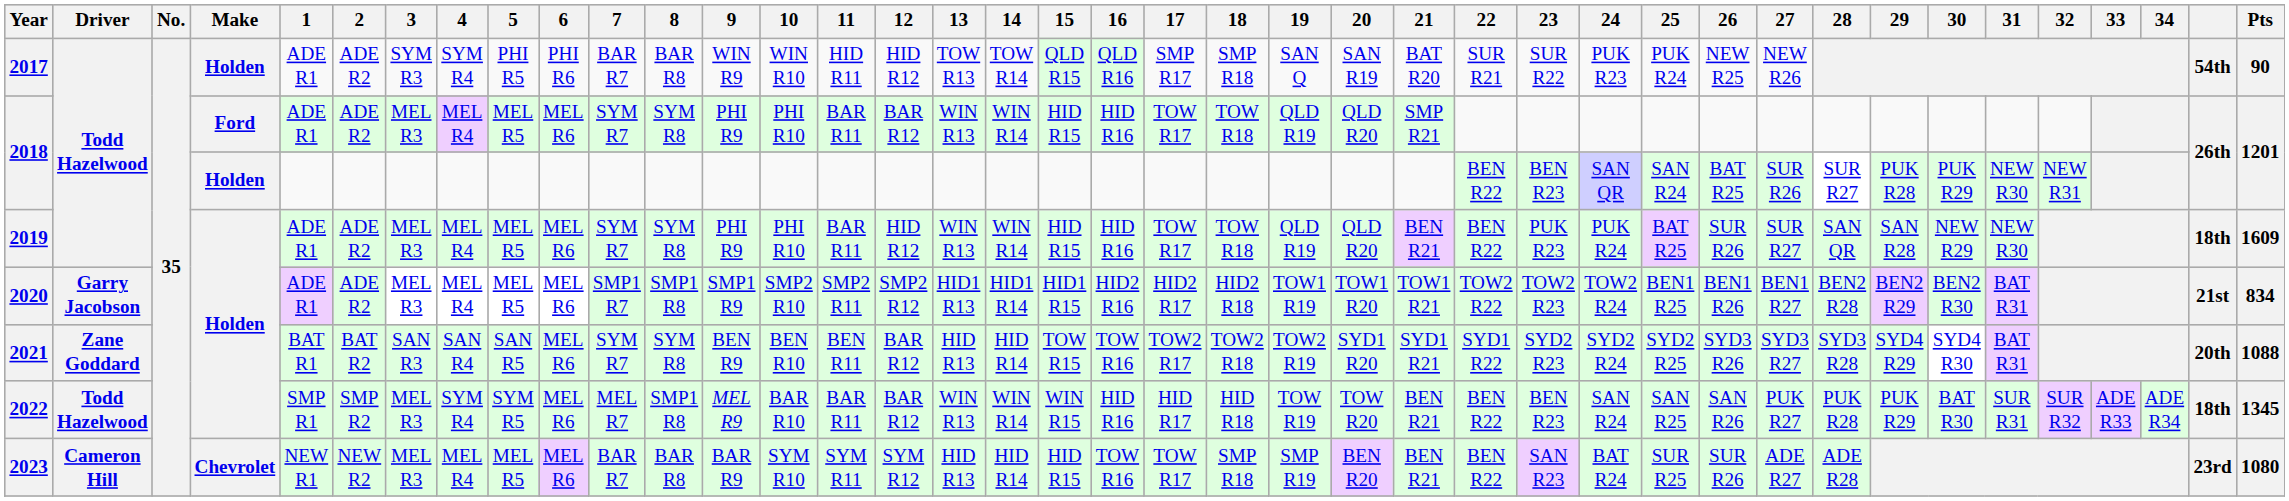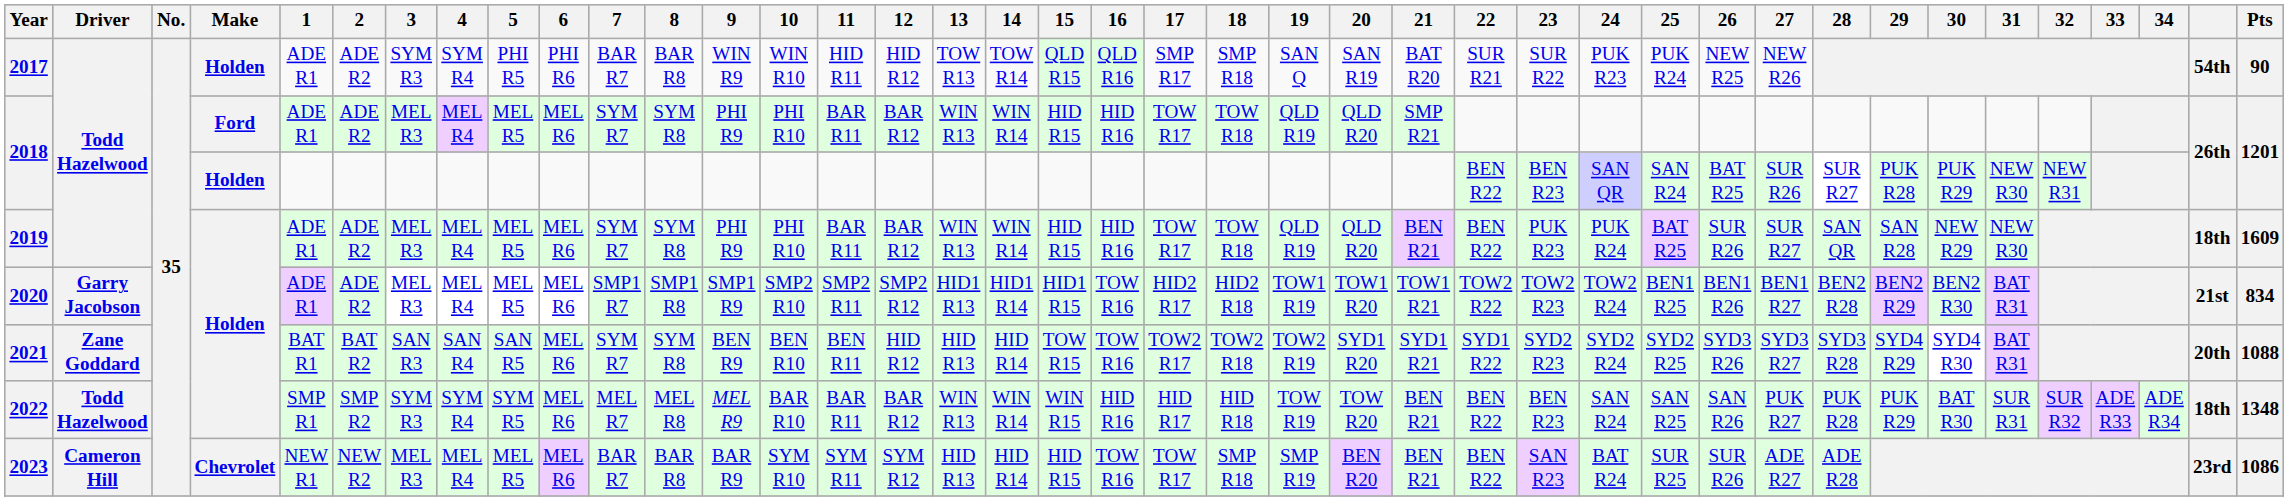 <table class="wikitable mw-collapsible mw-collapsed" style="text-align:center; font-size:75%">
 <tr>
 <th>Year</th>
 <th>Driver</th>
 <th>No.</th>
 <th>Make</th>
 <th>1</th>
 <th>2</th>
 <th>3</th>
 <th>4</th>
 <th>5</th>
 <th>6</th>
 <th>7</th>
 <th>8</th>
 <th>9</th>
 <th>10</th>
 <th>11</th>
 <th>12</th>
 <th>13</th>
 <th>14</th>
 <th>15</th>
 <th>16</th>
 <th>17</th>
 <th>18</th>
 <th>19</th>
 <th>20</th>
 <th>21</th>
 <th>22</th>
 <th>23</th>
 <th>24</th>
 <th>25</th>
 <th>26</th>
 <th>27</th>
 <th>28</th>
 <th>29</th>
 <th>30</th>
 <th>31</th>
 <th>32</th>
 <th>33</th>
 <th>34</th>
 <th></th>
 <th>Pts</th>
 </tr>
 <tr>
 <th><a href='#'>2017</a></th>
 <th rowspan=4><a href='#'>Todd Hazelwood</a></th>
 <th rowspan=8>35</th>
 <th><a href='#'>Holden</a></th>
 <td><a href='#'>ADE<br>R1</a></td>
 <td><a href='#'>ADE<br>R2</a></td>
 <td><a href='#'>SYM<br>R3</a></td>
 <td><a href='#'>SYM<br>R4</a></td>
 <td><a href='#'>PHI<br>R5</a></td>
 <td><a href='#'>PHI<br>R6</a></td>
 <td><a href='#'>BAR<br>R7</a></td>
 <td><a href='#'>BAR<br>R8</a></td>
 <td><a href='#'>WIN<br>R9</a><br></td>
 <td><a href='#'>WIN<br>R10</a><br></td>
 <td><a href='#'>HID<br>R11</a></td>
 <td><a href='#'>HID<br>R12</a></td>
 <td><a href='#'>TOW<br>R13</a></td>
 <td><a href='#'>TOW<br>R14</a></td>
 <td style="background: #dfffdf"><a href='#'>QLD<br>R15</a><br></td>
 <td style="background: #dfffdf"><a href='#'>QLD<br>R16</a><br></td>
 <td><a href='#'>SMP<br>R17</a></td>
 <td><a href='#'>SMP<br>R18</a></td>
 <td><a href='#'>SAN<br>Q</a><br></td>
 <td><a href='#'>SAN<br>R19</a><br></td>
 <td><a href='#'>BAT<br>R20</a><br></td>
 <td><a href='#'>SUR<br>R21</a><br></td>
 <td><a href='#'>SUR<br>R22</a><br></td>
 <td><a href='#'>PUK<br>R23</a></td>
 <td><a href='#'>PUK<br>R24</a></td>
 <td><a href='#'>NEW<br>R25</a></td>
 <td><a href='#'>NEW<br>R26</a></td>
 <th colspan=7></th>
 <th>54th</th>
 <th>90</th>
 </tr>
 <tr>
 <th rowspan=2><a href='#'>2018</a></th>
 <th rowspan=1><a href='#'>Ford</a></th>
 <td style="background: #dfffdf"><a href='#'>ADE<br>R1</a><br></td>
 <td style="background: #dfffdf"><a href='#'>ADE<br>R2</a><br></td>
 <td style="background: #dfffdf"><a href='#'>MEL<br>R3</a><br></td>
 <td style="background: #efcfff"><a href='#'>MEL<br>R4</a><br></td>
 <td style="background: #dfffdf"><a href='#'>MEL<br>R5</a><br></td>
 <td style="background: #dfffdf"><a href='#'>MEL<br>R6</a><br></td>
 <td style="background: #dfffdf"><a href='#'>SYM<br>R7</a><br></td>
 <td style="background: #dfffdf"><a href='#'>SYM<br>R8</a><br></td>
 <td style="background: #dfffdf"><a href='#'>PHI<br>R9</a><br></td>
 <td style="background: #dfffdf"><a href='#'>PHI<br>R10</a><br></td>
 <td style="background: #dfffdf"><a href='#'>BAR<br>R11</a><br></td>
 <td style="background: #dfffdf"><a href='#'>BAR<br>R12</a><br></td>
 <td style="background: #dfffdf"><a href='#'>WIN<br>R13</a><br></td>
 <td style="background: #dfffdf"><a href='#'>WIN<br>R14</a><br></td>
 <td style="background: #dfffdf"><a href='#'>HID<br>R15</a><br></td>
 <td style="background: #dfffdf"><a href='#'>HID<br>R16</a><br></td>
 <td style="background: #dfffdf"><a href='#'>TOW<br>R17</a><br></td>
 <td style="background: #dfffdf"><a href='#'>TOW<br>R18</a><br></td>
 <td style="background: #dfffdf"><a href='#'>QLD<br>R19</a><br></td>
 <td style="background: #dfffdf"><a href='#'>QLD<br>R20</a><br></td>
 <td style="background: #dfffdf"><a href='#'>SMP<br>R21</a><br></td>
 <td></td>
 <td></td>
 <td></td>
 <td></td>
 <td></td>
 <td></td>
 <td></td>
 <td></td>
 <td></td>
 <td></td>
 <td></td>
 <th colspan=2></th>
 <th rowspan=2>26th</th>
 <th rowspan=2>1201</th>
 </tr>
 <tr>
 <th rowspan=1><a href='#'>Holden</a></th>
 <td></td>
 <td></td>
 <td></td>
 <td></td>
 <td></td>
 <td></td>
 <td></td>
 <td></td>
 <td></td>
 <td></td>
 <td></td>
 <td></td>
 <td></td>
 <td></td>
 <td></td>
 <td></td>
 <td></td>
 <td></td>
 <td></td>
 <td></td>
 <td></td>
 <td style="background: #dfffdf"><a href='#'>BEN<br>R22</a><br></td>
 <td style="background: #dfffdf"><a href='#'>BEN<br>R23</a><br></td>
 <td style="background: #cfcfff"><a href='#'>SAN<br>QR</a><br></td>
 <td style="background: #dfffdf"><a href='#'>SAN<br>R24</a><br></td>
 <td style="background: #dfffdf"><a href='#'>BAT<br>R25</a><br></td>
 <td style="background: #dfffdf"><a href='#'>SUR<br>R26</a><br></td>
 <td style="background: #ffffff"><a href='#'>SUR<br>R27</a><br></td>
 <td style="background: #dfffdf"><a href='#'>PUK<br>R28</a><br></td>
 <td style="background: #dfffdf"><a href='#'>PUK<br>R29</a><br></td>
 <td style="background: #dfffdf"><a href='#'>NEW<br>R30</a><br></td>
 <td style="background: #dfffdf"><a href='#'>NEW<br>R31</a><br></td>
 <th colspan=3></th>
 </tr>
 <tr>
 <th><a href='#'>2019</a></th>
 <th rowspan=4><a href='#'>Holden</a></th>
 <td style="background: #dfffdf"><a href='#'>ADE<br>R1</a><br></td>
 <td style="background: #dfffdf"><a href='#'>ADE<br>R2</a><br></td>
 <td style="background: #dfffdf"><a href='#'>MEL<br>R3</a><br></td>
 <td style="background: #dfffdf"><a href='#'>MEL<br>R4</a><br></td>
 <td style="background: #dfffdf"><a href='#'>MEL<br>R5</a><br></td>
 <td style="background: #dfffdf"><a href='#'>MEL<br>R6</a><br></td>
 <td style="background: #dfffdf"><a href='#'>SYM<br>R7</a><br></td>
 <td style="background: #dfffdf"><a href='#'>SYM<br>R8</a><br></td>
 <td style="background: #dfffdf"><a href='#'>PHI<br>R9</a><br></td>
 <td style="background: #dfffdf"><a href='#'>PHI<br>R10</a><br></td>
 <td style="background: #dfffdf"><a href='#'>BAR<br>R11</a><br></td>
-<td style="background: #dfffdf"><a href='#'>HID<br>R12</a><br></td>
+<td style="background: #dfffdf"><a href='#'>BAR<br>R12</a><br></td>
 <td style="background: #dfffdf"><a href='#'>WIN<br>R13</a><br></td>
 <td style="background: #dfffdf"><a href='#'>WIN<br>R14</a><br></td>
 <td style="background: #dfffdf"><a href='#'>HID<br>R15</a><br></td>
 <td style="background: #dfffdf"><a href='#'>HID<br>R16</a><br></td>
 <td style="background: #dfffdf"><a href='#'>TOW<br>R17</a><br></td>
 <td style="background: #dfffdf"><a href='#'>TOW<br>R18</a><br></td>
 <td style="background: #dfffdf"><a href='#'>QLD<br>R19</a><br></td>
 <td style="background: #dfffdf"><a href='#'>QLD<br>R20</a><br></td>
 <td style="background: #efcfff"><a href='#'>BEN<br>R21</a><br></td>
 <td style="background: #dfffdf"><a href='#'>BEN<br>R22</a><br></td>
 <td style="background: #dfffdf"><a href='#'>PUK<br>R23</a><br></td>
 <td style="background: #dfffdf"><a href='#'>PUK<br>R24</a><br></td>
 <td style="background: #efcfff"><a href='#'>BAT<br>R25</a><br></td>
 <td style="background: #dfffdf"><a href='#'>SUR<br>R26</a><br></td>
 <td style="background: #dfffdf"><a href='#'>SUR<br>R27</a><br></td>
 <td style="background: #dfffdf"><a href='#'>SAN<br>QR</a><br></td>
 <td style="background: #dfffdf"><a href='#'>SAN<br>R28</a><br></td>
 <td style="background: #dfffdf"><a href='#'>NEW<br>R29</a><br></td>
 <td style="background: #dfffdf"><a href='#'>NEW<br>R30</a><br></td>
 <th colspan=3></th>
 <th>18th</th>
 <th>1609</th>
 </tr>
 <tr>
 <th><a href='#'>2020</a></th>
 <th><a href='#'>Garry Jacobson</a></th>
 <td style="background: #efcfff"><a href='#'>ADE<br>R1</a><br></td>
 <td style="background: #dfffdf"><a href='#'>ADE<br>R2</a><br></td>
 <td style="background: #ffffff"><a href='#'>MEL<br>R3</a><br></td>
 <td style="background: #ffffff"><a href='#'>MEL<br>R4</a><br></td>
 <td style="background: #ffffff"><a href='#'>MEL<br>R5</a><br></td>
 <td style="background: #ffffff"><a href='#'>MEL<br>R6</a><br></td>
 <td style="background: #dfffdf"><a href='#'>SMP1<br>R7</a><br></td>
 <td style="background: #dfffdf"><a href='#'>SMP1<br>R8</a><br></td>
 <td style="background: #dfffdf"><a href='#'>SMP1<br>R9</a><br></td>
 <td style="background: #dfffdf"><a href='#'>SMP2<br>R10</a><br></td>
 <td style="background: #dfffdf"><a href='#'>SMP2<br>R11</a><br></td>
 <td style="background: #dfffdf"><a href='#'>SMP2<br>R12</a><br></td>
 <td style="background: #dfffdf"><a href='#'>HID1<br>R13</a><br></td>
 <td style="background: #dfffdf"><a href='#'>HID1<br>R14</a><br></td>
 <td style="background: #dfffdf"><a href='#'>HID1<br>R15</a><br></td>
-<td style="background: #dfffdf"><a href='#'>HID2<br>R16</a><br></td>
+<td style="background: #dfffdf"><a href='#'>TOW<br>R16</a><br></td>
 <td style="background: #dfffdf"><a href='#'>HID2<br>R17</a><br></td>
 <td style="background: #dfffdf"><a href='#'>HID2<br>R18</a><br></td>
 <td style="background: #dfffdf"><a href='#'>TOW1<br>R19</a><br></td>
 <td style="background: #dfffdf"><a href='#'>TOW1<br>R20</a><br></td>
 <td style="background: #dfffdf"><a href='#'>TOW1<br>R21</a><br></td>
 <td style="background: #dfffdf"><a href='#'>TOW2<br>R22</a><br></td>
 <td style="background: #dfffdf"><a href='#'>TOW2<br>R23</a><br></td>
 <td style="background: #dfffdf"><a href='#'>TOW2<br>R24</a><br></td>
 <td style="background: #dfffdf"><a href='#'>BEN1<br>R25</a><br></td>
 <td style="background: #dfffdf"><a href='#'>BEN1<br>R26</a><br></td>
 <td style="background: #dfffdf"><a href='#'>BEN1<br>R27</a><br></td>
 <td style="background: #dfffdf"><a href='#'>BEN2<br>R28</a><br></td>
 <td style="background: #efcfff"><a href='#'>BEN2<br>R29</a><br></td>
 <td style="background: #dfffdf"><a href='#'>BEN2<br>R30</a><br></td>
 <td style="background: #efcfff"><a href='#'>BAT<br>R31</a><br></td>
 <th colspan=3></th>
 <th>21st</th>
 <th>834</th>
 </tr>
 <tr>
 <th><a href='#'>2021</a></th>
 <th><a href='#'>Zane Goddard</a></th>
 <td style="background: #dfffdf"><a href='#'>BAT<br>R1</a><br></td>
 <td style="background: #dfffdf"><a href='#'>BAT<br>R2</a><br></td>
 <td style="background: #dfffdf"><a href='#'>SAN<br>R3</a><br></td>
 <td style="background: #dfffdf"><a href='#'>SAN<br>R4</a><br></td>
 <td style="background: #dfffdf"><a href='#'>SAN<br>R5</a><br></td>
 <td style="background: #dfffdf"><a href='#'>MEL<br>R6</a><br></td>
 <td style="background: #dfffdf"><a href='#'>SYM<br>R7</a><br></td>
 <td style="background: #dfffdf"><a href='#'>SYM<br>R8</a><br></td>
 <td style="background: #dfffdf"><a href='#'>BEN<br>R9</a><br></td>
 <td style="background: #dfffdf"><a href='#'>BEN<br>R10</a><br></td>
 <td style="background: #dfffdf"><a href='#'>BEN<br>R11</a><br></td>
-<td style="background: #dfffdf"><a href='#'>BAR<br>R12</a><br></td>
+<td style="background: #dfffdf"><a href='#'>HID<br>R12</a><br></td>
 <td style="background: #dfffdf"><a href='#'>HID<br>R13</a><br></td>
 <td style="background: #dfffdf"><a href='#'>HID<br>R14</a><br></td>
 <td style="background: #dfffdf"><a href='#'>TOW<br>R15</a><br></td>
 <td style="background: #dfffdf"><a href='#'>TOW<br>R16</a><br></td>
 <td style="background: #dfffdf"><a href='#'>TOW2<br>R17</a><br></td>
 <td style="background: #dfffdf"><a href='#'>TOW2<br>R18</a><br></td>
 <td style="background: #dfffdf"><a href='#'>TOW2<br>R19</a><br></td>
 <td style="background: #dfffdf"><a href='#'>SYD1<br>R20</a><br></td>
 <td style="background: #dfffdf"><a href='#'>SYD1<br>R21</a><br></td>
 <td style="background: #dfffdf"><a href='#'>SYD1<br>R22</a><br></td>
 <td style="background: #dfffdf"><a href='#'>SYD2<br>R23</a><br></td>
 <td style="background: #dfffdf"><a href='#'>SYD2<br>R24</a><br></td>
 <td style="background: #dfffdf"><a href='#'>SYD2<br>R25</a><br></td>
 <td style="background: #dfffdf"><a href='#'>SYD3<br>R26</a><br></td>
 <td style="background: #dfffdf"><a href='#'>SYD3<br>R27</a><br></td>
 <td style="background: #dfffdf"><a href='#'>SYD3<br>R28</a><br></td>
 <td style="background: #dfffdf"><a href='#'>SYD4<br>R29</a><br></td>
 <td style="background: #ffffff"><a href='#'>SYD4<br>R30</a><br></td>
 <td style="background: #efcfff"><a href='#'>BAT<br>R31</a><br></td>
 <th colspan=3></th>
 <th>20th</th>
 <th>1088</th>
 </tr>
 <tr>
 <th><a href='#'>2022</a></th>
 <th><a href='#'>Todd Hazelwood</a></th>
 <td style="background: #dfffdf"><a href='#'>SMP<br>R1</a><br></td>
 <td style="background: #dfffdf"><a href='#'>SMP<br>R2</a><br></td>
-<td style="background: #dfffdf"><a href='#'>MEL<br>R3</a><br></td>
+<td style="background: #dfffdf"><a href='#'>SYM<br>R3</a><br></td>
 <td style="background: #dfffdf"><a href='#'>SYM<br>R4</a><br></td>
 <td style="background: #dfffdf"><a href='#'>SYM<br>R5</a><br></td>
 <td style="background: #dfffdf"><a href='#'>MEL<br>R6</a><br></td>
 <td style="background: #dfffdf"><a href='#'>MEL<br>R7</a><br></td>
-<td style="background: #dfffdf"><a href='#'>SMP1<br>R8</a><br></td>
+<td style="background: #dfffdf"><a href='#'>MEL<br>R8</a><br></td>
 <td style="background: #dfffdf"><em><a href='#'>MEL<br>R9</a></em><br></td>
 <td style="background: #dfffdf"><a href='#'>BAR<br>R10</a><br></td>
 <td style="background: #dfffdf"><a href='#'>BAR<br>R11</a><br></td>
 <td style="background: #dfffdf"><a href='#'>BAR<br>R12</a><br></td>
 <td style="background: #dfffdf"><a href='#'>WIN<br>R13</a><br></td>
 <td style="background: #dfffdf"><a href='#'>WIN<br>R14</a><br></td>
 <td style="background: #dfffdf"><a href='#'>WIN<br>R15</a><br></td>
 <td style="background: #dfffdf"><a href='#'>HID<br>R16</a><br></td>
 <td style="background: #dfffdf"><a href='#'>HID<br>R17</a><br></td>
 <td style="background: #dfffdf"><a href='#'>HID<br>R18</a><br></td>
 <td style="background: #dfffdf"><a href='#'>TOW<br>R19</a><br></td>
 <td style="background: #dfffdf"><a href='#'>TOW<br>R20</a><br></td>
 <td style="background: #dfffdf"><a href='#'>BEN<br>R21</a><br></td>
 <td style="background: #dfffdf"><a href='#'>BEN<br>R22</a><br></td>
 <td style="background: #dfffdf"><a href='#'>BEN<br>R23</a><br></td>
 <td style="background: #dfffdf"><a href='#'>SAN<br>R24</a><br></td>
 <td style="background: #dfffdf"><a href='#'>SAN<br>R25</a><br></td>
 <td style="background: #dfffdf"><a href='#'>SAN<br>R26</a><br></td>
 <td style="background: #dfffdf"><a href='#'>PUK<br>R27</a><br></td>
 <td style="background: #dfffdf"><a href='#'>PUK<br>R28</a><br></td>
 <td style="background: #dfffdf"><a href='#'>PUK<br>R29</a><br></td>
 <td style="background: #dfffdf"><a href='#'>BAT<br>R30</a><br></td>
 <td style="background: #dfffdf"><a href='#'>SUR<br>R31</a><br></td>
 <td style="background: #efcfff"><a href='#'>SUR<br>R32</a><br></td>
 <td style="background: #efcfff"><a href='#'>ADE<br>R33</a><br></td>
 <td style="background: #dfffdf"><a href='#'>ADE<br>R34</a><br></td>
 <th>18th</th>
-<th>1345</th>
+<th>1348</th>
 </tr>
 <tr>
 <th><a href='#'>2023</a></th>
 <th><a href='#'>Cameron Hill</a></th>
 <th><a href='#'>Chevrolet</a></th>
 <td style="background:#dfffdf"><a href='#'>NEW<br>R1</a><br></td>
 <td style="background:#dfffdf"><a href='#'>NEW<br>R2</a><br></td>
 <td style="background:#dfffdf"><a href='#'>MEL<br>R3</a><br></td>
 <td style="background:#dfffdf"><a href='#'>MEL<br>R4</a><br></td>
 <td style="background:#dfffdf"><a href='#'>MEL<br>R5</a><br></td>
 <td style="background:#efcfff"><a href='#'>MEL<br>R6</a><br></td>
 <td style="background:#dfffdf"><a href='#'>BAR<br>R7</a><br></td>
 <td style="background:#dfffdf"><a href='#'>BAR<br>R8</a><br></td>
 <td style="background:#dfffdf"><a href='#'>BAR<br>R9</a><br></td>
 <td style="background:#dfffdf"><a href='#'>SYM<br>R10</a><br></td>
 <td style="background:#dfffdf"><a href='#'>SYM<br>R11</a><br></td>
 <td style="background:#dfffdf"><a href='#'>SYM<br>R12</a><br></td>
 <td style="background:#dfffdf"><a href='#'>HID<br>R13</a><br></td>
 <td style="background:#dfffdf"><a href='#'>HID<br>R14</a><br></td>
 <td style="background:#dfffdf"><a href='#'>HID<br>R15</a><br></td>
 <td style="background:#dfffdf"><a href='#'>TOW<br>R16</a><br></td>
 <td style="background:#dfffdf"><a href='#'>TOW<br>R17</a><br></td>
 <td style="background:#dfffdf"><a href='#'>SMP<br>R18</a><br></td>
 <td style="background:#dfffdf"><a href='#'>SMP<br>R19</a><br></td>
 <td style="background:#efcfff"><a href='#'>BEN<br>R20</a><br></td>
 <td style="background:#dfffdf"><a href='#'>BEN<br>R21</a><br></td>
 <td style="background:#dfffdf"><a href='#'>BEN<br>R22</a><br></td>
 <td style="background:#efcfff"><a href='#'>SAN<br>R23</a><br></td>
 <td style="background:#dfffdf"><a href='#'>BAT<br>R24</a><br></td>
 <td style="background:#dfffdf"><a href='#'>SUR<br>R25</a><br></td>
 <td style="background:#dfffdf"><a href='#'>SUR<br>R26</a><br></td>
 <td style="background:#dfffdf"><a href='#'>ADE<br>R27</a><br></td>
 <td style="background:#dfffdf"><a href='#'>ADE<br>R28</a><br></td>
 <th colspan=6></th>
 <th>23rd</th>
-<th>1080</th>
+<th>1086</th>
 </tr>
 </table>
